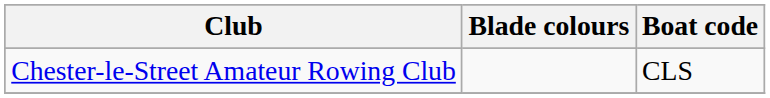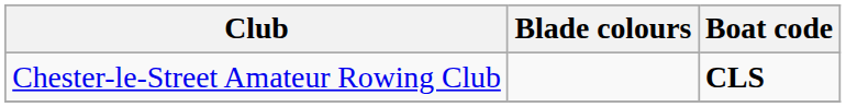 <table class="wikitable">
 <tr style="text-align:left;">
 <th>Club</th>
 <th>Blade colours</th>
 <th>Boat code</th>
 </tr>
 <tr>
 <td><a href='#'>Chester-le-Street Amateur Rowing Club</a></td>
 <td></td>
-<td>CLS</td>
+<td><strong>CLS</strong></td>
 </tr>
 <tr>
 </tr>
 </table>
